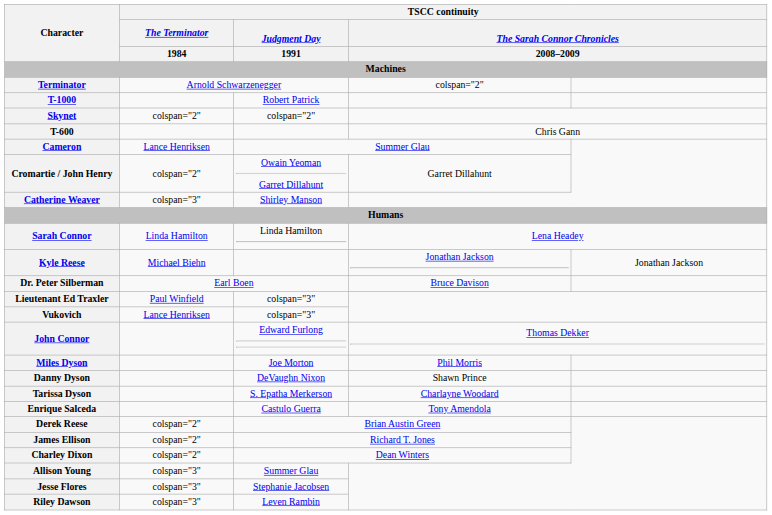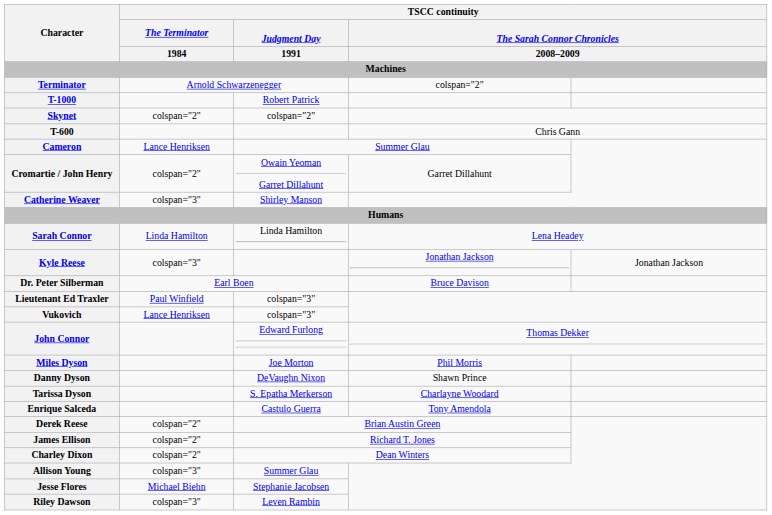 <table class="wikitable" style="text-align:center; width:99%; ">
 <tr>
 <th rowspan="3" style="width:15.1%;">Character</th>
 <th colspan="4" style="text-align:center;">TSCC continuity</th>
 </tr>
 <tr>
 <th style="text-align:center; width:15%;"><em><a href='#'>The Terminator</a></em></th>
 <th style="text-align:center; width:15%;"><em><a href='#'><br>Judgment Day</a></em></th>
 <th colspan="2"><em><a href='#'><br>The Sarah Connor Chronicles</a></em></th>
 </tr>
 <tr>
 <th>1984</th>
 <th>1991</th>
 <th colspan="2">2008–2009</th>
 </tr>
 <tr>
 <th colspan="10" style="background-color:silver;"><strong>Machines</strong></th>
 </tr>
 <tr>
 <th><a href='#'>Terminator<br></a></th>
 <td colspan="2"><a href='#'>Arnold Schwarzenegger</a></td>
 <td>colspan="2" </td>
 </tr>
 <tr>
 <th><a href='#'>T-1000</a></th>
 <td></td>
 <td><a href='#'>Robert Patrick</a></td>
 <td></td>
 <td></td>
 </tr>
 <tr>
 <th><a href='#'>Skynet</a></th>
 <td>colspan="2" </td>
 <td>colspan="2" </td>
 </tr>
 <tr>
 <th>T-600</th>
 <td></td>
 <td></td>
 <td colspan="2">Chris Gann</td>
 </tr>
 <tr>
 <th><a href='#'>Cameron</a></th>
 <td><a href='#'>Lance Henriksen</a></td>
 <td colspan="2"><a href='#'>Summer Glau</a></td>
 </tr>
 <tr>
 <th>Cromartie / John Henry<br></th>
 <td>colspan="2" </td>
 <td><a href='#'>Owain Yeoman</a><hr><a href='#'>Garret Dillahunt</a></td>
 <td>Garret Dillahunt</td>
 </tr>
 <tr>
 <th><a href='#'>Catherine Weaver<br></a></th>
 <td>colspan="3" </td>
 <td><a href='#'>Shirley Manson</a></td>
 </tr>
 <tr>
 <th colspan="10" style="background-color:silver;"><strong>Humans</strong></th>
 </tr>
 <tr>
 <th><a href='#'>Sarah Connor</a></th>
 <td><a href='#'>Linda Hamilton</a></td>
 <td>Linda Hamilton<hr></td>
 <td colspan="2"><a href='#'>Lena Headey</a></td>
 </tr>
 <tr>
 <th><a href='#'>Kyle Reese</a></th>
-<td><a href='#'>Michael Biehn</a></td>
+<td>colspan="3" </td>
 <td></td>
 <td><a href='#'>Jonathan Jackson</a><hr></td>
 <td>Jonathan Jackson</td>
 </tr>
 <tr>
 <th>Dr. Peter Silberman</th>
 <td colspan="2"><a href='#'>Earl Boen</a></td>
 <td><a href='#'>Bruce Davison</a></td>
 <td></td>
 </tr>
 <tr>
 <th>Lieutenant Ed Traxler</th>
 <td><a href='#'>Paul Winfield</a></td>
 <td>colspan="3" </td>
 </tr>
 <tr>
 <th>Vukovich</th>
 <td><a href='#'>Lance Henriksen</a></td>
 <td>colspan="3" </td>
 </tr>
 <tr>
 <th><a href='#'>John Connor</a></th>
 <td></td>
 <td><a href='#'>Edward Furlong</a><hr><hr></td>
 <td colspan="2"><a href='#'>Thomas Dekker</a><hr></td>
 </tr>
 <tr>
 <th><a href='#'>Miles Dyson</a></th>
 <td></td>
 <td><a href='#'>Joe Morton</a></td>
 <td><a href='#'>Phil Morris</a></td>
 <td></td>
 </tr>
 <tr>
 <th>Danny Dyson</th>
 <td></td>
 <td><a href='#'>DeVaughn Nixon</a></td>
 <td>Shawn Prince</td>
 <td></td>
 </tr>
 <tr>
 <th>Tarissa Dyson</th>
 <td></td>
 <td><a href='#'>S. Epatha Merkerson</a></td>
 <td><a href='#'>Charlayne Woodard</a></td>
 <td></td>
 </tr>
 <tr>
 <th>Enrique Salceda</th>
 <td></td>
 <td><a href='#'>Castulo Guerra</a></td>
 <td><a href='#'>Tony Amendola</a></td>
 <td></td>
 </tr>
 <tr>
 <th>Derek Reese</th>
 <td>colspan="2" </td>
 <td colspan="2"><a href='#'>Brian Austin Green</a></td>
 </tr>
 <tr>
 <th>James Ellison</th>
 <td>colspan="2" </td>
 <td colspan="2"><a href='#'>Richard T. Jones</a></td>
 </tr>
 <tr>
 <th>Charley Dixon</th>
 <td>colspan="2" </td>
 <td colspan="2"><a href='#'>Dean Winters</a></td>
 </tr>
 <tr>
 <th>Allison Young</th>
 <td>colspan="3" </td>
 <td><a href='#'>Summer Glau</a></td>
 </tr>
 <tr>
 <th>Jesse Flores</th>
-<td>colspan="3" </td>
+<td><a href='#'>Michael Biehn</a></td>
 <td><a href='#'>Stephanie Jacobsen</a></td>
 </tr>
 <tr>
 <th>Riley Dawson</th>
 <td>colspan="3" </td>
 <td><a href='#'>Leven Rambin</a></td>
 </tr>
 </table>
